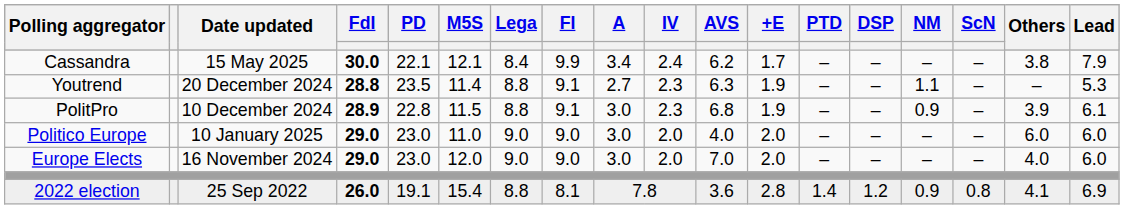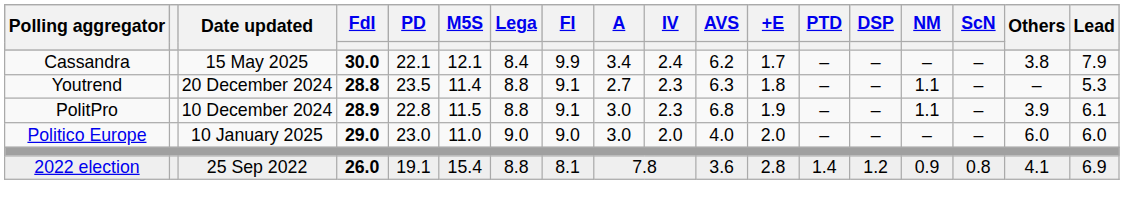 <table class="wikitable sortable mw-collapsible" style="text-align:center;font-size:90%;line-height:13px">
 <tr style="height:30px; background-color:#8B8B8B">
 <th rowspan="2">Polling aggregator</th>
 <th rowspan="2"></th>
 <th rowspan="2">Date updated</th>
 <th style="width:35px;"><a href='#'>FdI</a></th>
 <th style="width:35px;"><a href='#'>PD</a></th>
 <th style="width:35px;"><a href='#'>M5S</a></th>
 <th style="width:35px;"><a href='#'>Lega</a></th>
 <th style="width:35px;"><a href='#'>FI</a></th>
 <th style="width:35px;"><a href='#'>A</a></th>
 <th style="width:35px;"><a href='#'>IV</a></th>
 <th style="width:35px;"><a href='#'>AVS</a></th>
 <th style="width:35px;"><a href='#'>+E</a></th>
 <th style="width:35px;"><a href='#'>PTD</a></th>
 <th style="width:35px;"><a href='#'>DSP</a></th>
 <th style="width:35px;"><a href='#'>NM</a></th>
 <th style="width:35px;"><a href='#'>ScN</a></th>
 <th rowspan="2" style="width:35px;">Others</th>
 <th rowspan="2" style="width:25px;">Lead</th>
 </tr>
 <tr>
 <th style="background:"></th>
 <th style="background:"></th>
 <th style="background:"></th>
 <th style="background:"></th>
 <th style="background:"></th>
 <th style="background:"></th>
 <th style="background:"></th>
 <th style="background:"></th>
 <th style="background:"></th>
 <th style="background:"></th>
 <th style="background:"></th>
 <th style="background:"></th>
 <th style="background:"></th>
 </tr>
 <tr>
 <td>Cassandra</td>
 <td></td>
 <td>15 May 2025</td>
 <td><strong>30.0</strong></td>
 <td>22.1</td>
 <td>12.1</td>
 <td>8.4</td>
 <td>9.9</td>
 <td>3.4</td>
 <td>2.4</td>
 <td>6.2</td>
 <td>1.7</td>
 <td>–</td>
 <td>–</td>
 <td>–</td>
 <td>–</td>
 <td>3.8</td>
 <td style="background:">7.9</td>
 </tr>
 <tr>
 <td>Youtrend</td>
 <td></td>
 <td>20 December 2024</td>
 <td><strong>28.8</strong></td>
 <td>23.5</td>
 <td>11.4</td>
 <td>8.8</td>
 <td>9.1</td>
 <td>2.7</td>
 <td>2.3</td>
 <td>6.3</td>
-<td>1.9</td>
+<td>1.8</td>
 <td>–</td>
 <td>–</td>
 <td>1.1</td>
 <td>–</td>
 <td>–</td>
 <td style="background:">5.3</td>
 </tr>
 <tr>
 <td>PolitPro</td>
 <td></td>
 <td>10 December 2024</td>
 <td><strong>28.9</strong></td>
 <td>22.8</td>
 <td>11.5</td>
 <td>8.8</td>
 <td>9.1</td>
 <td>3.0</td>
 <td>2.3</td>
 <td>6.8</td>
 <td>1.9</td>
 <td>–</td>
 <td>–</td>
-<td>0.9</td>
+<td>1.1</td>
 <td>–</td>
 <td>3.9</td>
 <td style="background:">6.1</td>
 </tr>
 <tr>
 <td><a href='#'>Politico Europe</a></td>
 <td></td>
 <td>10 January 2025</td>
 <td><strong>29.0</strong></td>
 <td>23.0</td>
 <td>11.0</td>
 <td>9.0</td>
 <td>9.0</td>
 <td>3.0</td>
 <td>2.0</td>
 <td>4.0</td>
 <td>2.0</td>
 <td>–</td>
 <td>–</td>
 <td>–</td>
 <td>–</td>
 <td>6.0</td>
 <td style="background:">6.0</td>
 </tr>
 <tr>
-<td><a href='#'>Europe Elects</a></td>
-<td></td>
-<td>16 November 2024</td>
-<td><strong>29.0</strong></td>
-<td>23.0</td>
-<td>12.0</td>
-<td>9.0</td>
-<td>9.0</td>
-<td>3.0</td>
-<td>2.0</td>
-<td>7.0</td>
-<td>2.0</td>
-<td>–</td>
-<td>–</td>
-<td>–</td>
-<td>–</td>
-<td>4.0</td>
-<td style="background:">6.0</td>
-</tr>
-<tr>
 <td colspan="18" style="background:#A0A0A0"></td>
 </tr>
 <tr style="background:#EFEFEF;">
 <td><a href='#'>2022 election</a></td>
 <td></td>
 <td>25 Sep 2022</td>
 <td><strong>26.0</strong></td>
 <td>19.1</td>
 <td>15.4</td>
 <td>8.8</td>
 <td>8.1</td>
 <td colspan=2>7.8</td>
 <td>3.6</td>
 <td>2.8</td>
 <td>1.4</td>
 <td>1.2</td>
 <td>0.9</td>
 <td>0.8</td>
 <td>4.1</td>
 <td style="background:">6.9</td>
 </tr>
 </table>
